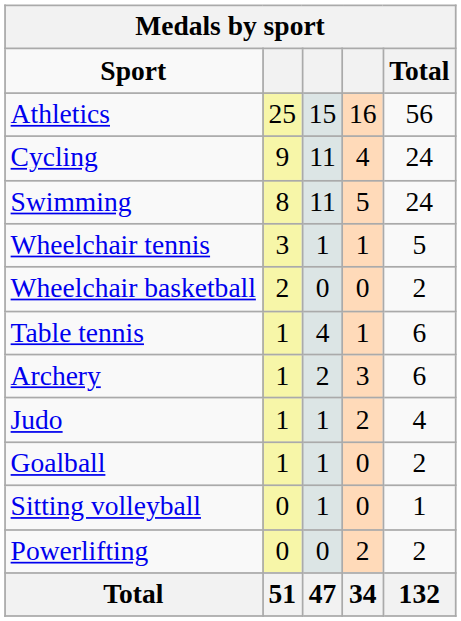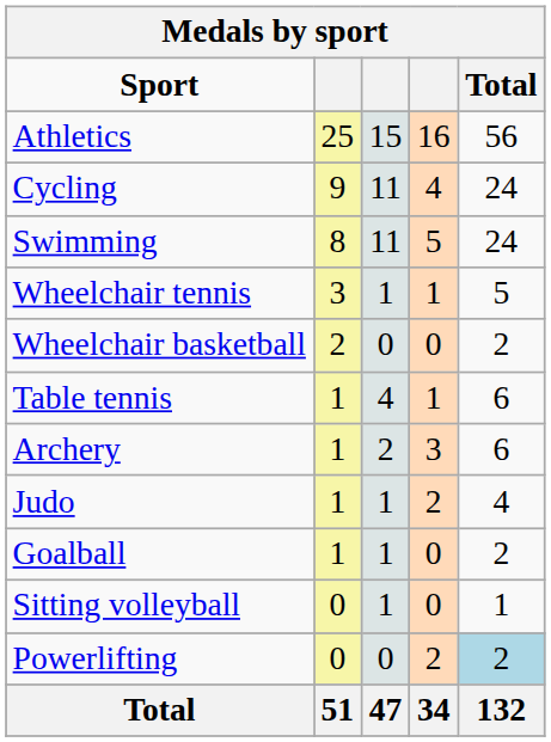 <table class="wikitable" border="1"  style="float:right">
 <tr>
 <th colspan=5>Medals by sport</th>
 </tr>
 <tr align=center>
 <td><strong>Sport</strong></td>
 <th bgcolor=#f7f6a8></th>
 <th bgcolor=#dce5e5></th>
 <th bgcolor=#ffdab9></th>
 <th>Total</th>
 </tr>
 <tr align=center>
 <td align=left><a href='#'>Athletics</a></td>
 <td bgcolor=#f7f6a8>25</td>
 <td bgcolor=#dce5e5>15</td>
 <td bgcolor=#ffdab9>16</td>
 <td>56</td>
 </tr>
 <tr align=center>
 <td align=left><a href='#'>Cycling</a></td>
 <td bgcolor=#f7f6a8>9</td>
 <td bgcolor=#dce5e5>11</td>
 <td bgcolor=#ffdab9>4</td>
 <td>24</td>
 </tr>
 <tr align=center>
 <td align=left><a href='#'>Swimming</a></td>
 <td bgcolor=#f7f6a8>8</td>
 <td bgcolor=#dce5e5>11</td>
 <td bgcolor=#ffdab9>5</td>
 <td>24</td>
 </tr>
 <tr align=center>
 <td align=left><a href='#'>Wheelchair tennis</a></td>
 <td bgcolor=#f7f6a8>3</td>
 <td bgcolor=#dce5e5>1</td>
 <td bgcolor=#ffdab9>1</td>
 <td>5</td>
 </tr>
 <tr align=center>
 <td align=left><a href='#'>Wheelchair basketball</a></td>
 <td bgcolor=#f7f6a8>2</td>
 <td bgcolor=#dce5e5>0</td>
 <td bgcolor=#ffdab9>0</td>
 <td>2</td>
 </tr>
 <tr align=center>
 <td align=left><a href='#'>Table tennis</a></td>
 <td bgcolor=#f7f6a8>1</td>
 <td bgcolor=#dce5e5>4</td>
 <td bgcolor=#ffdab9>1</td>
 <td>6</td>
 </tr>
 <tr align=center>
 <td align=left><a href='#'>Archery</a></td>
 <td bgcolor=#f7f6a8>1</td>
 <td bgcolor=#dce5e5>2</td>
 <td bgcolor=#ffdab9>3</td>
 <td>6</td>
 </tr>
 <tr align=center>
 <td align=left><a href='#'>Judo</a></td>
 <td bgcolor=#f7f6a8>1</td>
 <td bgcolor=#dce5e5>1</td>
 <td bgcolor=#ffdab9>2</td>
 <td>4</td>
 </tr>
 <tr align=center>
 <td align=left><a href='#'>Goalball</a></td>
 <td bgcolor=#f7f6a8>1</td>
 <td bgcolor=#dce5e5>1</td>
 <td bgcolor=#ffdab9>0</td>
 <td>2</td>
 </tr>
 <tr align=center>
 <td align=left><a href='#'>Sitting volleyball</a></td>
 <td bgcolor=#f7f6a8>0</td>
 <td bgcolor=#dce5e5>1</td>
 <td bgcolor=#ffdab9>0</td>
 <td>1</td>
 </tr>
 <tr align=center>
 <td align=left><a href='#'>Powerlifting</a></td>
 <td bgcolor=#f7f6a8>0</td>
 <td bgcolor=#dce5e5>0</td>
 <td bgcolor=#ffdab9>2</td>
-<td>2<br></td>
+<td style="background: lightblue;">2<br></td>
 </tr>
 <tr align=center>
 <th bgcolor=#efefef>Total</th>
 <th bgcolor=#f7f6a8>51</th>
 <th bgcolor=#dce5e5>47</th>
 <th bgcolor=#ffdab9>34</th>
 <th>132</th>
 </tr>
 </table>
